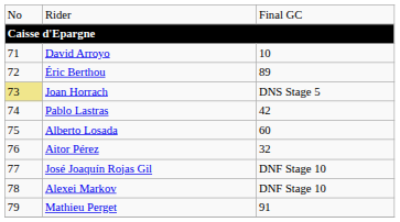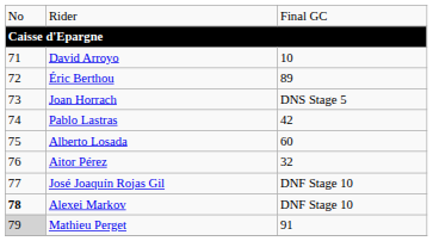 <table class=wikitable style="font-size:95%" width="40%">
 <tr>
 <td>No</td>
 <td>Rider</td>
 <td>Final GC</td>
 </tr>
 <tr>
 <td colspan=3 bgcolor="black" style= "color: white"><strong>Caisse d'Epargne</strong></td>
 </tr>
 <tr>
 <td>71</td>
 <td> <a href='#'>David Arroyo</a></td>
 <td>10</td>
 </tr>
 <tr>
 <td>72</td>
 <td> <a href='#'>Éric Berthou</a></td>
 <td>89</td>
 </tr>
 <tr>
-<td style="background: khaki;">73</td>
+<td>73</td>
 <td> <a href='#'>Joan Horrach</a></td>
 <td>DNS Stage 5</td>
 </tr>
 <tr>
 <td>74</td>
 <td> <a href='#'>Pablo Lastras</a></td>
 <td>42</td>
 </tr>
 <tr>
 <td>75</td>
 <td> <a href='#'>Alberto Losada</a></td>
 <td>60</td>
 </tr>
 <tr>
 <td>76</td>
 <td> <a href='#'>Aitor Pérez</a></td>
 <td>32</td>
 </tr>
 <tr>
 <td>77</td>
 <td> <a href='#'>José Joaquín Rojas Gil</a></td>
 <td>DNF Stage 10</td>
 </tr>
 <tr>
-<td>78</td>
+<td><strong>78</strong></td>
 <td> <a href='#'>Alexei Markov</a></td>
 <td>DNF Stage 10</td>
 </tr>
 <tr>
-<td>79</td>
+<td style="background: lightgrey;">79</td>
 <td> <a href='#'>Mathieu Perget</a></td>
 <td>91</td>
 </tr>
 <tr>
 </tr>
 </table>
